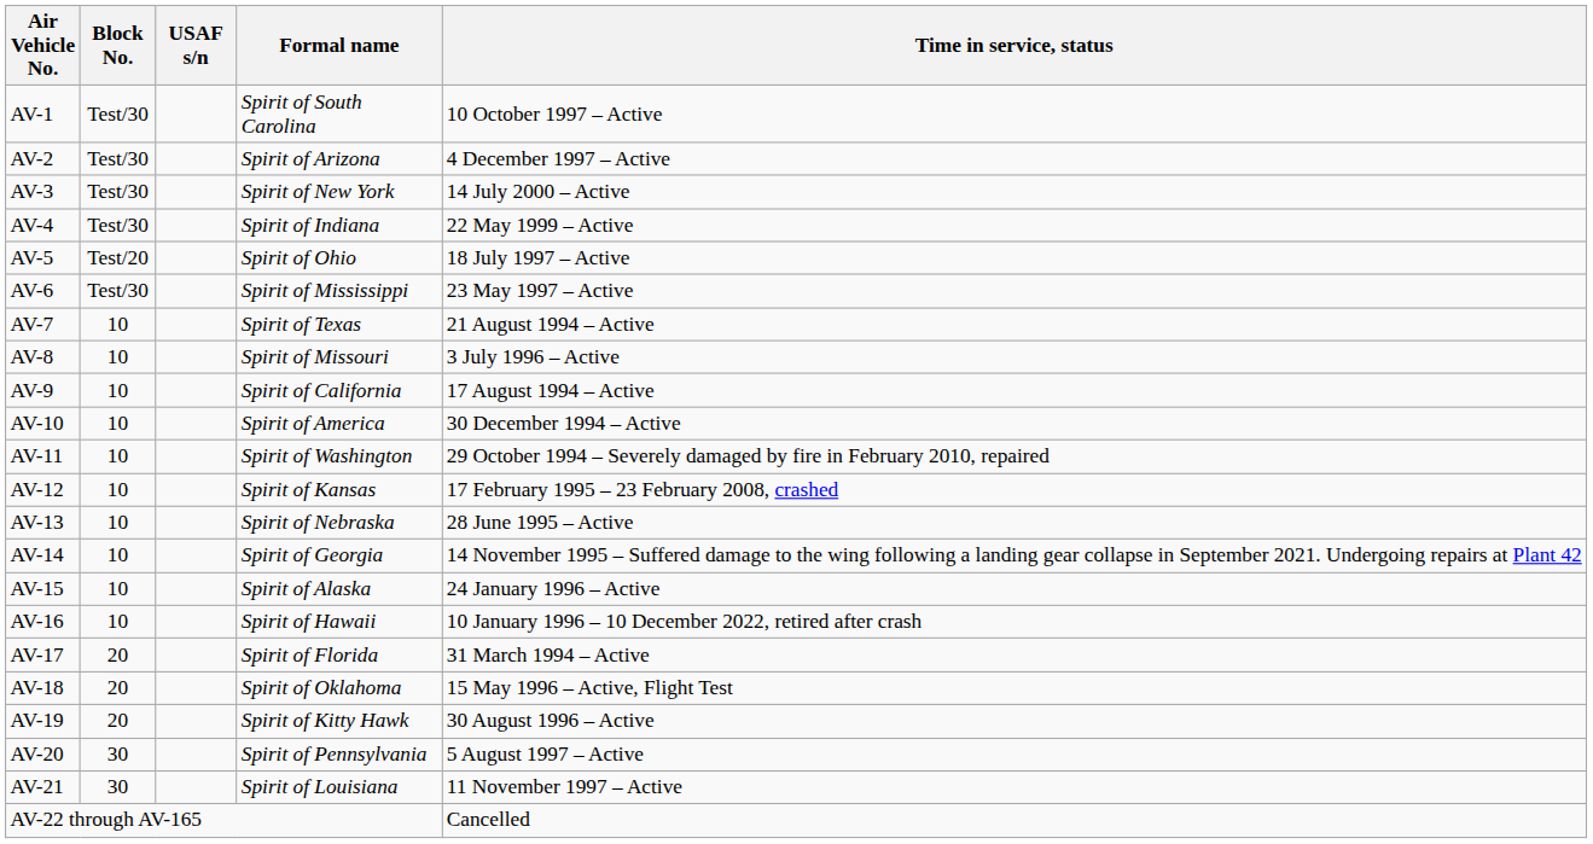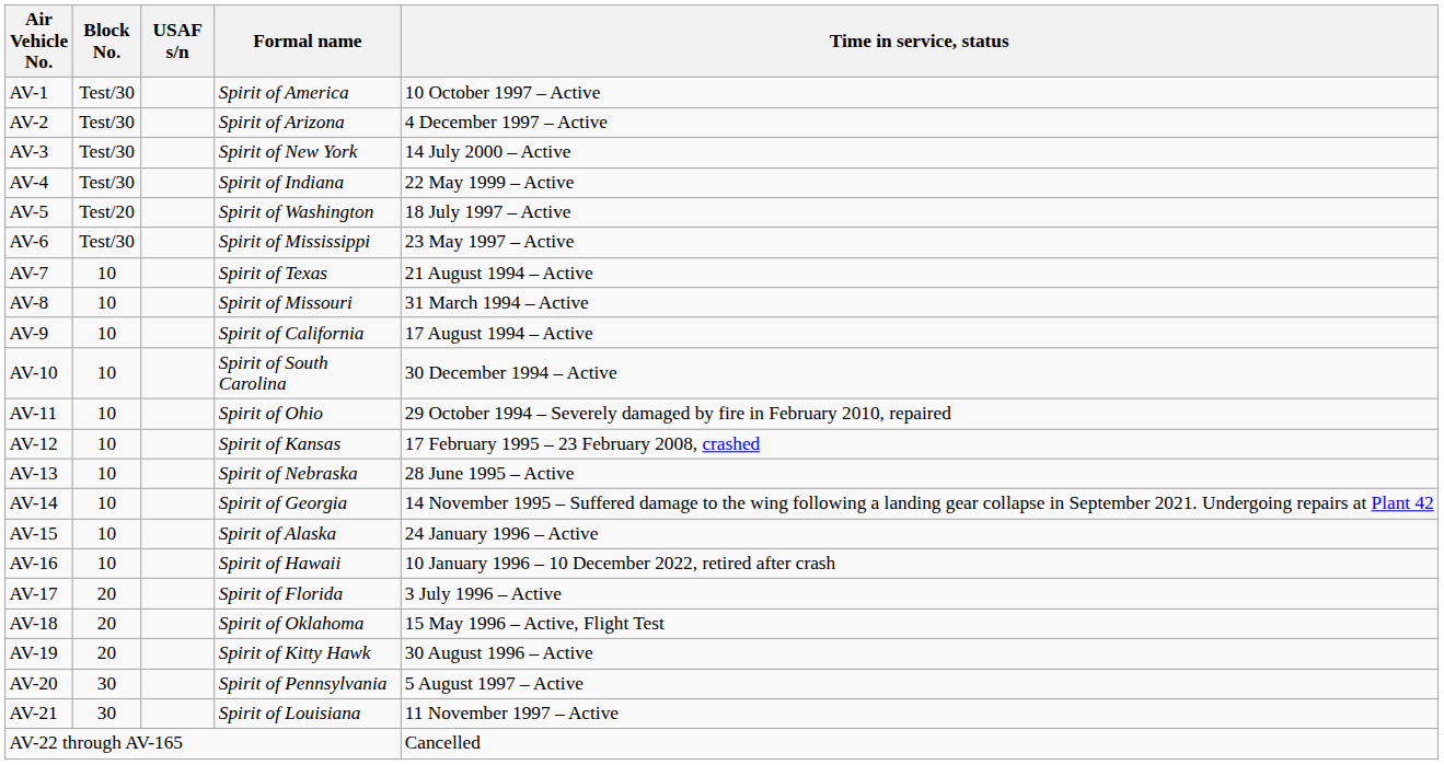 <table class="wikitable">
 <tr>
 <th style=width:50px;>Air Vehicle No.</th>
 <th style=width:50px;>Block No.</th>
 <th style=width:55px;>USAF s/n</th>
 <th style=width:150px;>Formal name</th>
 <th>Time in service, status</th>
 </tr>
 <tr>
 <td>AV-1</td>
 <td align=center>Test/30</td>
 <td></td>
-<td><em>Spirit of South Carolina</em></td>
+<td><em>Spirit of America</em></td>
 <td>10 October 1997 – Active</td>
 </tr>
 <tr>
 <td>AV-2</td>
 <td align=center>Test/30</td>
 <td></td>
 <td><em>Spirit of Arizona</em></td>
 <td>4 December 1997 – Active</td>
 </tr>
 <tr>
 <td>AV-3</td>
 <td align=center>Test/30</td>
 <td></td>
 <td><em>Spirit of New York</em></td>
 <td>14 July 2000 – Active</td>
 </tr>
 <tr>
 <td>AV-4</td>
 <td align=center>Test/30</td>
 <td></td>
 <td><em>Spirit of Indiana</em></td>
 <td>22 May 1999 – Active</td>
 </tr>
 <tr>
 <td>AV-5</td>
 <td align=center>Test/20</td>
 <td></td>
-<td><em>Spirit of Ohio</em></td>
+<td><em>Spirit of Washington</em></td>
 <td>18 July 1997 – Active</td>
 </tr>
 <tr>
 <td>AV-6</td>
 <td align=center>Test/30</td>
 <td></td>
 <td><em>Spirit of Mississippi</em></td>
 <td>23 May 1997 – Active</td>
 </tr>
 <tr>
 <td>AV-7</td>
 <td align=center>10</td>
 <td></td>
 <td><em>Spirit of Texas</em></td>
 <td>21 August 1994 – Active</td>
 </tr>
 <tr>
 <td>AV-8</td>
 <td align=center>10</td>
 <td></td>
 <td><em>Spirit of Missouri</em></td>
-<td>3 July 1996 – Active</td>
+<td>31 March 1994 – Active</td>
 </tr>
 <tr>
 <td>AV-9</td>
 <td align=center>10</td>
 <td></td>
 <td><em>Spirit of California</em></td>
 <td>17 August 1994 – Active</td>
 </tr>
 <tr>
 <td>AV-10</td>
 <td align=center>10</td>
 <td></td>
-<td><em>Spirit of America</em></td>
+<td><em>Spirit of South Carolina</em></td>
 <td>30 December 1994 – Active</td>
 </tr>
 <tr>
 <td>AV-11</td>
 <td align=center>10</td>
 <td></td>
-<td><em>Spirit of Washington</em></td>
+<td><em>Spirit of Ohio</em></td>
 <td>29 October 1994 – Severely damaged by fire in February 2010, repaired</td>
 </tr>
 <tr>
 <td>AV-12</td>
 <td align=center>10</td>
 <td></td>
 <td><em>Spirit of Kansas</em></td>
 <td>17 February 1995 – 23 February 2008, <a href='#'>crashed</a></td>
 </tr>
 <tr>
 <td>AV-13</td>
 <td align=center>10</td>
 <td></td>
 <td><em>Spirit of Nebraska</em></td>
 <td>28 June 1995 – Active</td>
 </tr>
 <tr>
 <td>AV-14</td>
 <td align=center>10</td>
 <td></td>
 <td><em>Spirit of Georgia</em></td>
 <td>14 November 1995 – Suffered damage to the wing following a landing gear collapse in September 2021. Undergoing repairs at <a href='#'>Plant 42</a></td>
 </tr>
 <tr>
 <td>AV-15</td>
 <td align=center>10</td>
 <td></td>
 <td><em>Spirit of Alaska</em></td>
 <td>24 January 1996 – Active</td>
 </tr>
 <tr>
 <td>AV-16</td>
 <td align=center>10</td>
 <td></td>
 <td><em>Spirit of Hawaii</em></td>
 <td>10 January 1996 – 10 December 2022, retired after crash</td>
 </tr>
 <tr>
 <td>AV-17</td>
 <td align=center>20</td>
 <td></td>
 <td><em>Spirit of Florida</em></td>
-<td>31 March 1994 – Active</td>
+<td>3 July 1996 – Active</td>
 </tr>
 <tr>
 <td>AV-18</td>
 <td align=center>20</td>
 <td></td>
 <td><em>Spirit of Oklahoma</em></td>
 <td>15 May 1996 – Active, Flight Test</td>
 </tr>
 <tr>
 <td>AV-19</td>
 <td align=center>20</td>
 <td></td>
 <td><em>Spirit of Kitty Hawk</em></td>
 <td>30 August 1996 – Active</td>
 </tr>
 <tr>
 <td>AV-20</td>
 <td align=center>30</td>
 <td></td>
 <td><em>Spirit of Pennsylvania</em></td>
 <td>5 August 1997 – Active</td>
 </tr>
 <tr>
 <td>AV-21</td>
 <td align=center>30</td>
 <td></td>
 <td><em>Spirit of Louisiana</em></td>
 <td>11 November 1997 – Active</td>
 </tr>
 <tr>
 <td colspan="4">AV-22 through AV-165</td>
 <td>Cancelled</td>
 </tr>
 </table>
